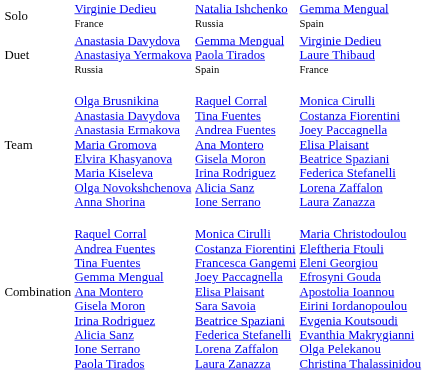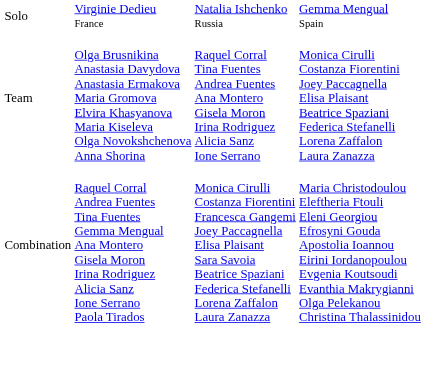 <table>
 <tr>
 <td>Solo</td>
 <td> <a href='#'>Virginie Dedieu</a><br><small>France</small></td>
 <td> <a href='#'>Natalia Ishchenko</a><br><small>Russia</small></td>
 <td> <a href='#'>Gemma Mengual</a><br><small>Spain</small></td>
-</tr>
-<tr>
-<td>Duet</td>
-<td> <a href='#'>Anastasia Davydova</a><br><a href='#'>Anastasiya Yermakova</a><br><small>Russia</small></td>
-<td> <a href='#'>Gemma Mengual</a><br><a href='#'>Paola Tirados</a><br><small>Spain</small></td>
-<td> <a href='#'>Virginie Dedieu</a><br><a href='#'>Laure Thibaud</a><br><small>France</small></td>
 </tr>
 <tr>
 <td>Team</td>
 <td><br><a href='#'>Olga Brusnikina</a><br><a href='#'>Anastasia Davydova</a><br><a href='#'>Anastasia Ermakova</a><br><a href='#'>Maria Gromova</a><br><a href='#'>Elvira Khasyanova</a><br><a href='#'>Maria Kiseleva</a><br><a href='#'>Olga Novokshchenova</a><br><a href='#'>Anna Shorina</a></td>
 <td><br><a href='#'>Raquel Corral</a><br><a href='#'>Tina Fuentes</a><br><a href='#'>Andrea Fuentes</a><br><a href='#'>Ana Montero</a><br><a href='#'>Gisela Moron</a><br><a href='#'>Irina Rodriguez</a><br><a href='#'>Alicia Sanz</a><br><a href='#'>Ione Serrano</a></td>
 <td><br><a href='#'>Monica Cirulli</a><br><a href='#'>Costanza Fiorentini</a><br><a href='#'>Joey Paccagnella</a><br><a href='#'>Elisa Plaisant</a><br><a href='#'>Beatrice Spaziani</a><br><a href='#'>Federica Stefanelli</a><br><a href='#'>Lorena Zaffalon</a><br><a href='#'>Laura Zanazza</a></td>
 </tr>
 <tr>
 <td>Combination</td>
 <td><br><a href='#'>Raquel Corral</a><br><a href='#'>Andrea Fuentes</a><br><a href='#'>Tina Fuentes</a><br><a href='#'>Gemma Mengual</a><br><a href='#'>Ana Montero</a><br><a href='#'>Gisela Moron</a><br><a href='#'>Irina Rodriguez</a><br><a href='#'>Alicia Sanz</a><br><a href='#'>Ione Serrano</a><br><a href='#'>Paola Tirados</a></td>
 <td><br><a href='#'>Monica Cirulli</a><br><a href='#'>Costanza Fiorentini</a><br><a href='#'>Francesca Gangemi</a><br><a href='#'>Joey Paccagnella</a><br><a href='#'>Elisa Plaisant</a><br><a href='#'>Sara Savoia</a><br><a href='#'>Beatrice Spaziani</a><br><a href='#'>Federica Stefanelli</a><br><a href='#'>Lorena Zaffalon</a><br><a href='#'>Laura Zanazza</a></td>
 <td><br><a href='#'>Maria Christodoulou</a><br><a href='#'>Eleftheria Ftouli</a><br><a href='#'>Eleni Georgiou</a><br><a href='#'>Efrosyni Gouda</a><br><a href='#'>Apostolia Ioannou</a><br><a href='#'>Eirini Iordanopoulou</a><br><a href='#'>Evgenia Koutsoudi</a><br><a href='#'>Evanthia Makrygianni</a><br><a href='#'>Olga Pelekanou</a><br><a href='#'>Christina Thalassinidou</a></td>
 </tr>
 </table>
